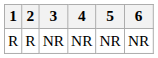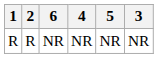 <table class="wikitable" style="text-align:center;">
 <tr>
 <th>1</th>
 <th>2</th>
-<th>3</th>
+<th>6</th>
 <th>4</th>
 <th>5</th>
-<th>6</th>
+<th>3</th>
 </tr>
 <tr style="background:white;">
 <td>R</td>
 <td>R</td>
 <td>NR</td>
 <td>NR</td>
 <td>NR</td>
 <td>NR</td>
 </tr>
 </table>
